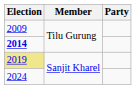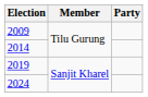 <table class="wikitable sortable">
 <tr>
 <th>Election</th>
 <th>Member</th>
 <th colspan=2>Party</th>
 </tr>
 <tr>
 <td><a href='#'>2009</a></td>
 <td rowspan=2>Tilu Gurung</td>
 <td></td>
 </tr>
 <tr>
-<td><strong><a href='#'>2014</a></strong></td>
+<td><a href='#'>2014</a></td>
 </tr>
 <tr>
-<td style="background: khaki;"><a href='#'>2019</a></td>
+<td><a href='#'>2019</a></td>
 <td rowspan=2><a href='#'>Sanjit Kharel</a></td>
 <td></td>
 </tr>
 <tr>
 <td><a href='#'>2024</a></td>
 </tr>
 </table>
